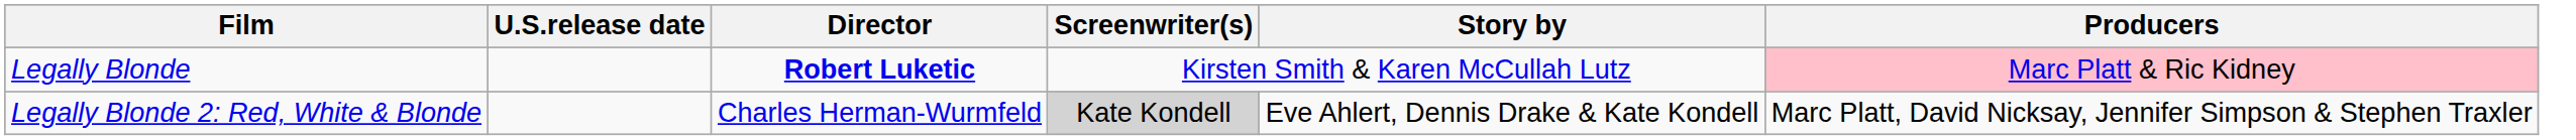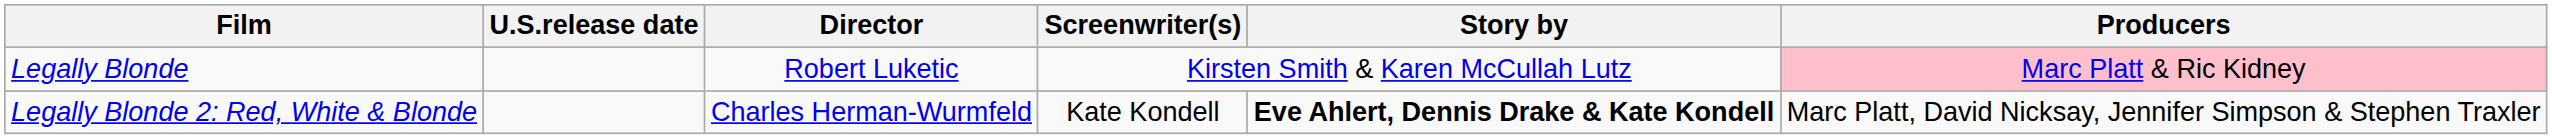 <table class="wikitable plainrowheaders" style="text-align:center">
 <tr>
 <th>Film</th>
 <th>U.S.release date</th>
 <th>Director</th>
 <th>Screenwriter(s)</th>
 <th>Story by</th>
 <th>Producers</th>
 </tr>
 <tr>
 <td style="text-align:left"><em><a href='#'>Legally Blonde</a></em></td>
 <td style="text-align:left"></td>
-<td><strong><a href='#'>Robert Luketic</a></strong></td>
+<td><a href='#'>Robert Luketic</a></td>
 <td colspan="2"><a href='#'>Kirsten Smith</a> & <a href='#'>Karen McCullah Lutz</a></td>
 <td style="background: pink;"><a href='#'>Marc Platt</a> & Ric Kidney</td>
 </tr>
 <tr>
 <td style="text-align:left"><em><a href='#'>Legally Blonde 2: Red, White & Blonde</a></em></td>
 <td style="text-align:left"></td>
 <td><a href='#'>Charles Herman-Wurmfeld</a></td>
-<td style="background: lightgrey;">Kate Kondell</td>
-<td>Eve Ahlert, Dennis Drake & Kate Kondell</td>
+<td>Kate Kondell</td>
+<td><strong>Eve Ahlert, Dennis Drake & Kate Kondell</strong></td>
 <td>Marc Platt, David Nicksay, Jennifer Simpson & Stephen Traxler</td>
 </tr>
 </table>
